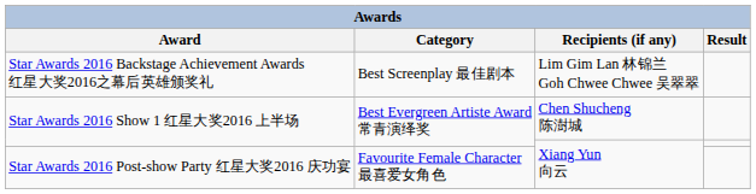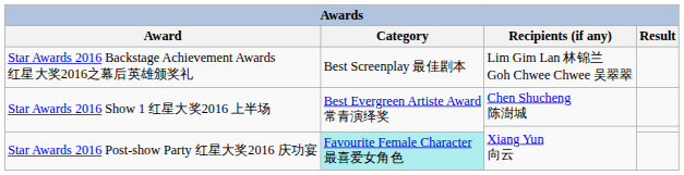 <table class="wikitable sortable">
 <tr style="background:#ccc; text-align:center;">
 <th colspan="4" style="background: LightSteelBlue;">Awards</th>
 </tr>
 <tr style="background:#ccc; text-align:center;">
 <th>Award</th>
 <th>Category</th>
 <th>Recipients (if any)</th>
 <th>Result</th>
 </tr>
 <tr>
 <td><a href='#'>Star Awards 2016</a> Backstage Achievement Awards <br> 红星大奖2016之幕后英雄颁奖礼</td>
 <td>Best Screenplay 最佳剧本</td>
 <td>Lim Gim Lan 林锦兰 <br> Goh Chwee Chwee 吴翠翠</td>
 <td></td>
 </tr>
 <tr>
 <td rowspan="2"><a href='#'>Star Awards 2016</a> Show 1 红星大奖2016 上半场</td>
 <td rowspan="2"><a href='#'>Best Evergreen Artiste Award</a> <br> 常青演绎奖</td>
 <td><a href='#'>Chen Shucheng</a> <br> 陈澍城</td>
 <td></td>
 </tr>
 <tr>
 <td rowspan="2"><a href='#'>Xiang Yun</a> <br> 向云</td>
 <td></td>
 </tr>
 <tr>
 <td><a href='#'>Star Awards 2016</a> Post-show Party 红星大奖2016 庆功宴</td>
-<td><a href='#'>Favourite Female Character</a> <br> 最喜爱女角色</td>
+<td style="background: paleturquoise;"><a href='#'>Favourite Female Character</a> <br> 最喜爱女角色</td>
 <td></td>
 </tr>
 </table>
